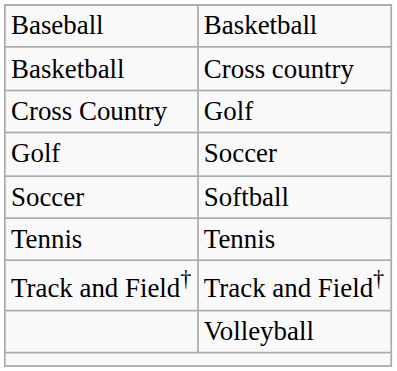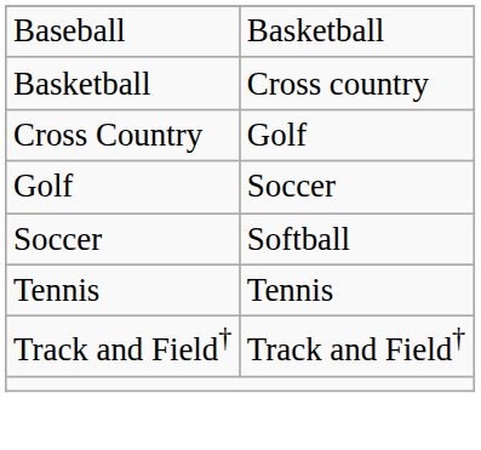 <table class="wikitable" style= " ">
 <tr>
 </tr>
 <tr>
 <td>Baseball</td>
 <td>Basketball</td>
 </tr>
 <tr>
 <td>Basketball</td>
 <td>Cross country</td>
 </tr>
 <tr>
 <td>Cross Country</td>
 <td>Golf</td>
 </tr>
 <tr>
 <td>Golf</td>
 <td>Soccer</td>
 </tr>
 <tr>
 <td>Soccer</td>
 <td>Softball</td>
 </tr>
 <tr>
 <td>Tennis</td>
 <td>Tennis</td>
 </tr>
 <tr>
 <td>Track and Field<sup>†</sup></td>
 <td>Track and Field<sup>†</sup></td>
 </tr>
 <tr>
-<td></td>
-<td>Volleyball</td>
-</tr>
-<tr>
 <td colspan="2"></td>
 </tr>
 </table>
